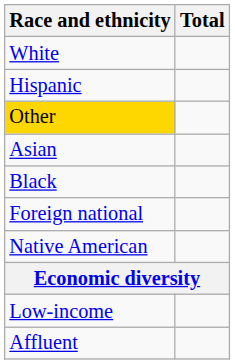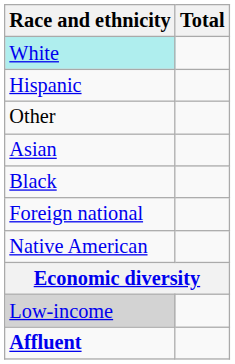 <table class="wikitable floatright sortable collapsible"; text-align:right; font-size:80%;">
 <tr>
 <th>Race and ethnicity</th>
 <th colspan="2" data-sort-type=number>Total</th>
 </tr>
 <tr>
-<td><a href='#'>White</a></td>
+<td style="background: paleturquoise;"><a href='#'>White</a></td>
 <td align=right></td>
 </tr>
 <tr>
 <td><a href='#'>Hispanic</a></td>
 <td align=right></td>
 </tr>
 <tr>
-<td style="background: gold;">Other</td>
+<td>Other</td>
 <td align=right></td>
 </tr>
 <tr>
 <td><a href='#'>Asian</a></td>
 <td align=right></td>
 </tr>
 <tr>
 <td><a href='#'>Black</a></td>
 <td align=right></td>
 </tr>
 <tr>
 <td><a href='#'>Foreign national</a></td>
 <td align=right></td>
 </tr>
 <tr>
 <td><a href='#'>Native American</a></td>
 <td align=right></td>
 </tr>
 <tr>
 <th colspan="4" data-sort-type=number><a href='#'>Economic diversity</a></th>
 </tr>
 <tr>
-<td><a href='#'>Low-income</a></td>
+<td style="background: lightgrey;"><a href='#'>Low-income</a></td>
 <td align=right></td>
 </tr>
 <tr>
-<td><a href='#'>Affluent</a></td>
+<td><strong><a href='#'>Affluent</a></strong></td>
 <td align=right></td>
 </tr>
 </table>
